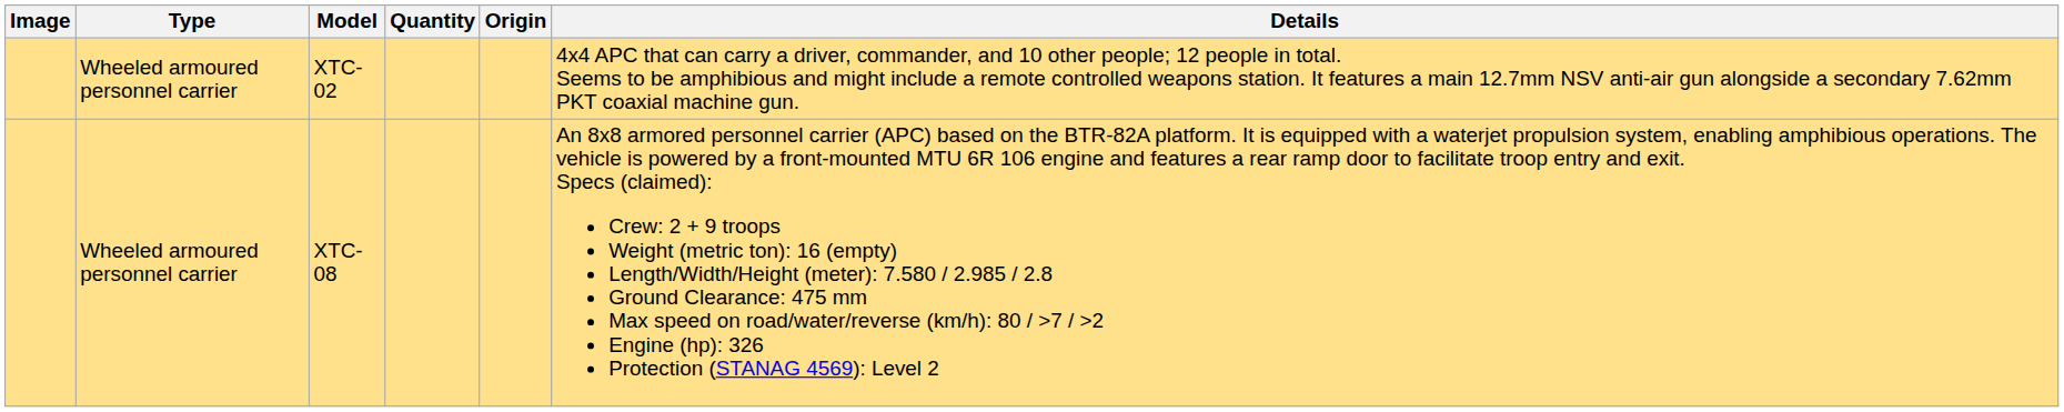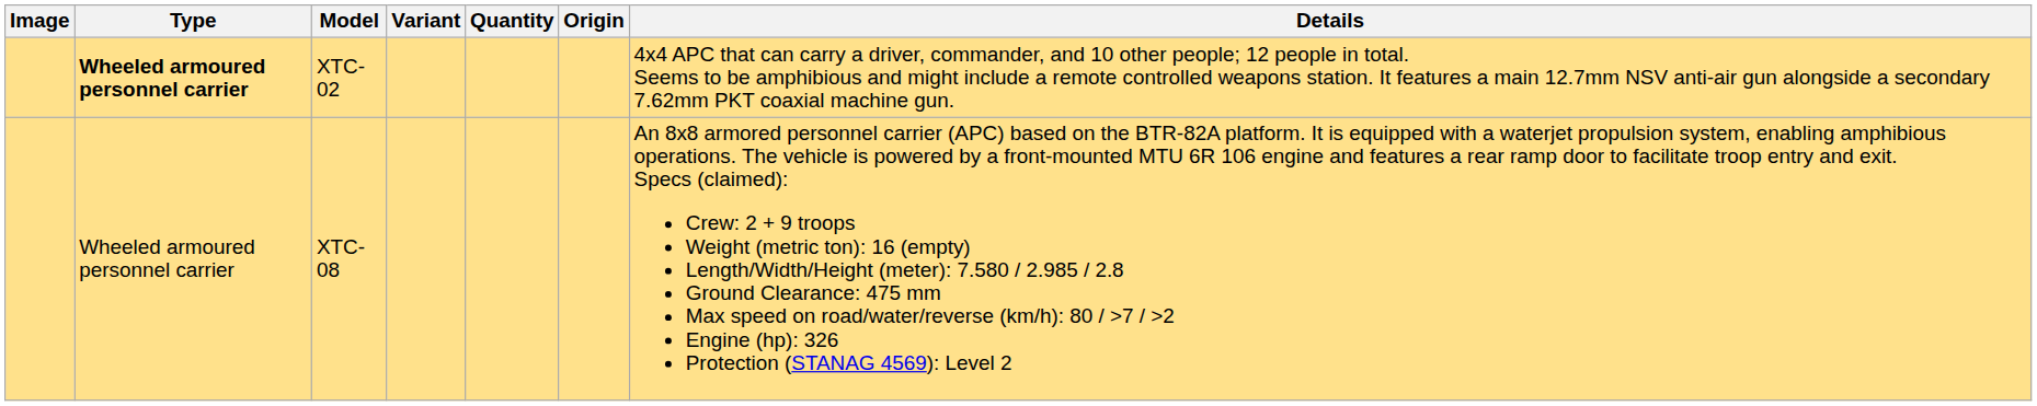 <table class="wikitable">
 <tr>
 <th>Image</th>
 <th>Type</th>
 <th>Model</th>
+<th>Variant</th>
 <th>Quantity</th>
 <th>Origin</th>
 <th>Details</th>
 </tr>
 <tr>
 <td style="background: #FFE18B"></td>
-<td style="background: #FFE18B">Wheeled armoured personnel carrier</td>
+<td style="background: #FFE18B"><strong>Wheeled armoured personnel carrier</strong></td>
 <td style="background: #FFE18B">XTC-02</td>
+<td style="background: #FFE18B"></td>
 <td style="background: #FFE18B"></td>
 <td style="background: #FFE18B"></td>
 <td style="background: #FFE18B">4x4 APC that can carry a driver, commander, and 10 other people; 12 people in total.<br>Seems to be amphibious and might include a remote controlled weapons station. It features a main 12.7mm NSV anti-air gun alongside a secondary 7.62mm PKT coaxial machine gun.</td>
 </tr>
 <tr>
 <td style="background: #FFE18B"></td>
 <td style="background: #FFE18B">Wheeled armoured personnel carrier</td>
 <td style="background: #FFE18B">XTC-08</td>
 <td style="background: #FFE18B"></td>
 <td style="background: #FFE18B"></td>
+<td style="background: #FFE18B"></td>
 <td style="background: #FFE18B">An 8x8 armored personnel carrier (APC) based on the BTR-82A platform. It is equipped with a waterjet propulsion system, enabling amphibious operations. The vehicle is powered by a front-mounted MTU 6R 106 engine and features a rear ramp door to facilitate troop entry and exit.<br>Specs (claimed):<ul><li>Crew: 2 + 9 troops</li><li>Weight (metric ton): 16 (empty)</li><li>Length/Width/Height (meter): 7.580 / 2.985 / 2.8</li><li>Ground Clearance: 475 mm</li><li>Max speed on road/water/reverse (km/h): 80 / >7 / >2</li><li>Engine (hp): 326</li><li>Protection (<a href='#'>STANAG 4569</a>): Level 2</li></ul></td>
 </tr>
 </table>
